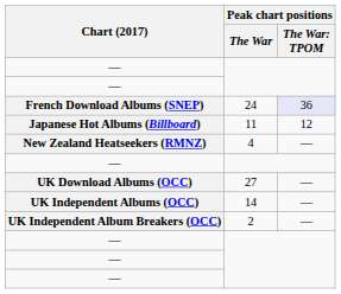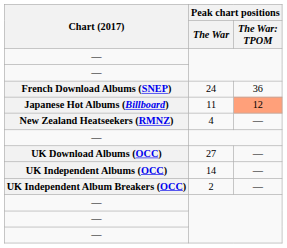 <table class="wikitable sortable plainrowheaders" style="text-align:center">
 <tr>
 <th scope="col" rowspan=2>Chart (2017)</th>
 <th scope="col" colspan=4>Peak chart positions</th>
 </tr>
 <tr>
 <th scope="col"><em>The War</em></th>
 <th scope="col"><em>The War:<br>TPOM</em></th>
 </tr>
 <tr>
 <td>—</td>
 </tr>
 <tr>
 <td>—</td>
 </tr>
 <tr>
 <th scope="row">French Download Albums (<a href='#'>SNEP</a>)</th>
 <td>24</td>
-<td style="background: lavender;">36</td>
+<td>36</td>
 </tr>
 <tr>
 <th scope="row">Japanese Hot Albums (<a href='#'><em>Billboard</em></a>)</th>
 <td>11</td>
-<td>12</td>
+<td style="background: lightsalmon;">12</td>
 </tr>
 <tr>
 <th scope="row">New Zealand Heatseekers (<a href='#'>RMNZ</a>)</th>
 <td>4</td>
 <td>—</td>
 </tr>
 <tr>
 <td>—</td>
 </tr>
 <tr>
 <th scope="row">UK Download Albums (<a href='#'>OCC</a>)</th>
 <td>27</td>
 <td>—</td>
 </tr>
 <tr>
 <th scope="row">UK Independent Albums (<a href='#'>OCC</a>)</th>
 <td>14</td>
 <td>—</td>
 </tr>
 <tr>
 <th scope="row">UK Independent Album Breakers (<a href='#'>OCC</a>)</th>
 <td>2</td>
 <td>—</td>
 </tr>
 <tr>
 <td>—</td>
 </tr>
 <tr>
 <td>—</td>
 </tr>
 <tr>
 <td>—</td>
 </tr>
 </table>
